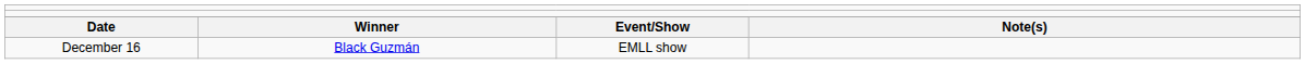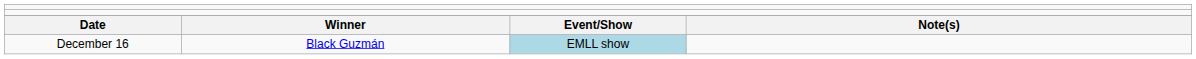 <table class="wikitable" style="text-align:center; width:100%;">
 <tr>
 <td colspan=5></td>
 </tr>
 <tr>
 <td colspan=5><strong></strong></td>
 </tr>
 <tr>
 </tr>
 <tr>
 <th width=14%>Date</th>
 <th width=26%>Winner</th>
 <th width=14%>Event/Show</th>
 <th width=40%>Note(s)</th>
 </tr>
 <tr>
 <td>December 16</td>
 <td><a href='#'>Black Guzmán</a></td>
-<td>EMLL show</td>
+<td style="background: lightblue;">EMLL show</td>
 <td align=left></td>
 </tr>
 </table>
